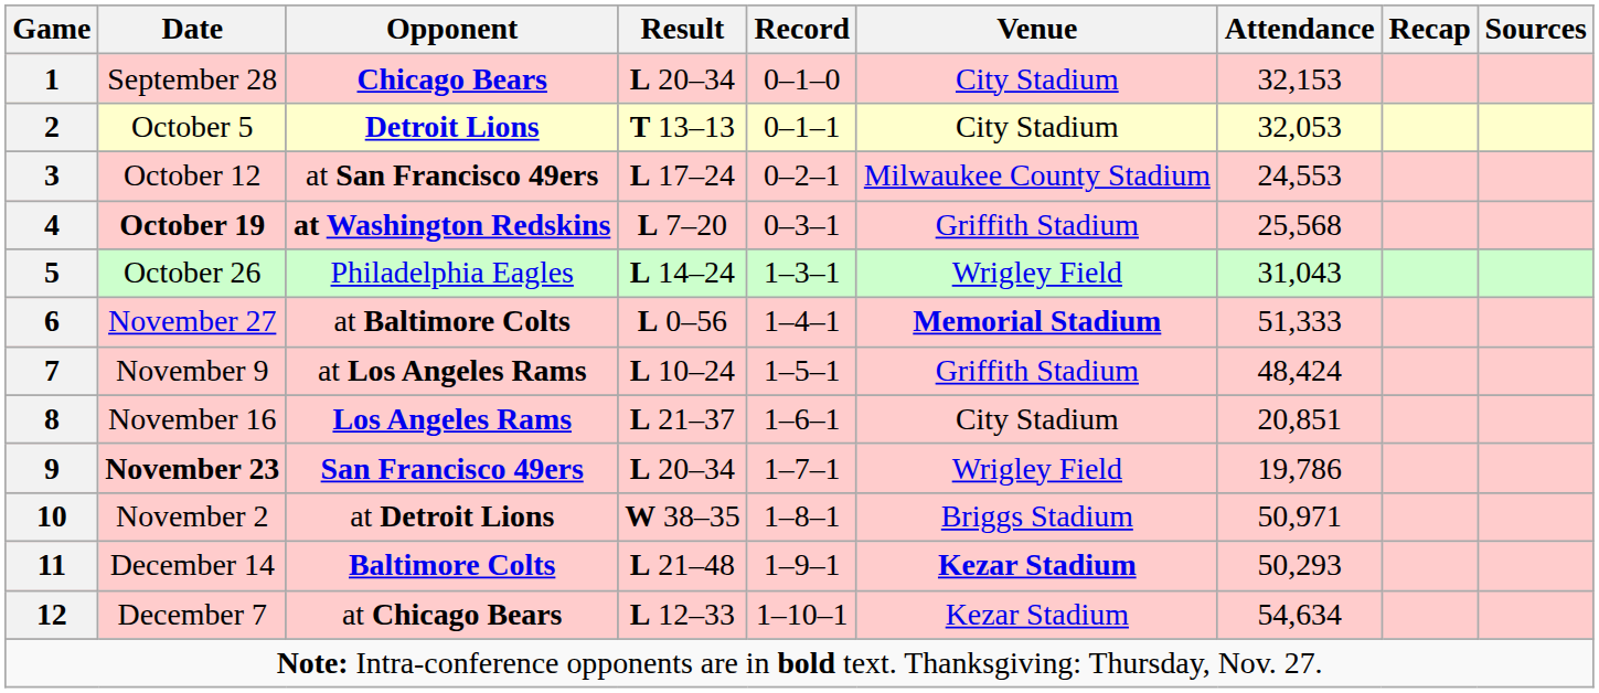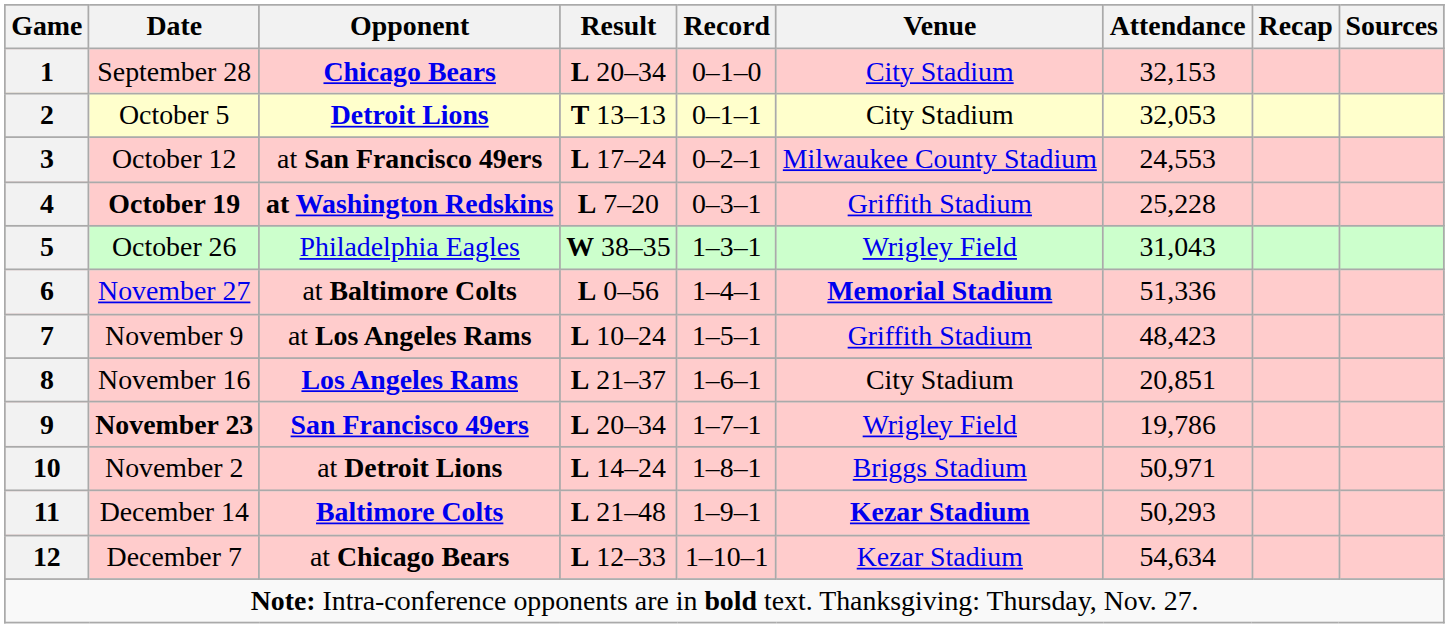 <table class="wikitable" style="text-align:center">
 <tr>
 <th>Game</th>
 <th>Date</th>
 <th>Opponent</th>
 <th>Result</th>
 <th>Record</th>
 <th>Venue</th>
 <th>Attendance</th>
 <th>Recap</th>
 <th>Sources</th>
 </tr>
 <tr style="background:#fcc">
 <th>1</th>
 <td>September 28</td>
 <td><strong><a href='#'>Chicago Bears</a></strong></td>
 <td><strong>L</strong> 20–34</td>
 <td>0–1–0</td>
 <td><a href='#'>City Stadium</a></td>
 <td>32,153</td>
 <td></td>
 <td></td>
 </tr>
 <tr style="background:#ffc">
 <th>2</th>
 <td>October 5</td>
 <td><strong><a href='#'>Detroit Lions</a></strong></td>
 <td><strong>T</strong> 13–13</td>
 <td>0–1–1</td>
 <td>City Stadium</td>
 <td>32,053</td>
 <td></td>
 <td></td>
 </tr>
 <tr style="background:#fcc">
 <th>3</th>
 <td>October 12</td>
 <td>at <strong>San Francisco 49ers</strong></td>
 <td><strong>L</strong> 17–24</td>
 <td>0–2–1</td>
 <td><a href='#'>Milwaukee County Stadium</a></td>
 <td>24,553</td>
 <td></td>
 <td></td>
 </tr>
 <tr style="background:#fcc">
 <th>4</th>
 <td><strong>October 19</strong></td>
 <td><strong>at <a href='#'>Washington Redskins</a></strong></td>
 <td><strong>L</strong> 7–20</td>
 <td>0–3–1</td>
 <td><a href='#'>Griffith Stadium</a></td>
-<td>25,568</td>
+<td>25,228</td>
 <td></td>
 <td></td>
 </tr>
 <tr style="background:#cfc">
 <th>5</th>
 <td>October 26</td>
 <td><a href='#'>Philadelphia Eagles</a></td>
-<td><strong>L</strong> 14–24</td>
+<td><strong>W</strong> 38–35</td>
 <td>1–3–1</td>
 <td><a href='#'>Wrigley Field</a></td>
 <td>31,043</td>
 <td></td>
 <td></td>
 </tr>
 <tr style="background:#fcc">
 <th>6</th>
 <td><a href='#'>November 27</a></td>
 <td>at <strong>Baltimore Colts</strong></td>
 <td><strong>L</strong> 0–56</td>
 <td>1–4–1</td>
 <td><strong><a href='#'>Memorial Stadium</a></strong></td>
-<td>51,333</td>
+<td>51,336</td>
 <td></td>
 <td></td>
 </tr>
 <tr style="background:#fcc">
 <th>7</th>
 <td>November 9</td>
 <td>at <strong>Los Angeles Rams</strong></td>
 <td><strong>L</strong> 10–24</td>
 <td>1–5–1</td>
 <td><a href='#'>Griffith Stadium</a></td>
-<td>48,424</td>
+<td>48,423</td>
 <td></td>
 <td></td>
 </tr>
 <tr style="background:#fcc">
 <th>8</th>
 <td>November 16</td>
 <td><strong><a href='#'>Los Angeles Rams</a></strong></td>
 <td><strong>L</strong> 21–37</td>
 <td>1–6–1</td>
 <td>City Stadium</td>
 <td>20,851</td>
 <td></td>
 <td></td>
 </tr>
 <tr style="background:#fcc">
 <th>9</th>
 <td><strong>November 23</strong></td>
 <td><strong><a href='#'>San Francisco 49ers</a></strong></td>
 <td><strong>L</strong> 20–34</td>
 <td>1–7–1</td>
 <td><a href='#'>Wrigley Field</a></td>
 <td>19,786</td>
 <td></td>
 <td></td>
 </tr>
 <tr style="background:#fcc">
 <th>10</th>
 <td>November 2</td>
 <td>at <strong>Detroit Lions</strong></td>
-<td><strong>W</strong> 38–35</td>
+<td><strong>L</strong> 14–24</td>
 <td>1–8–1</td>
 <td><a href='#'>Briggs Stadium</a></td>
 <td>50,971</td>
 <td></td>
 <td></td>
 </tr>
 <tr style="background:#fcc">
 <th>11</th>
 <td>December 14</td>
 <td><strong><a href='#'>Baltimore Colts</a></strong></td>
 <td><strong>L</strong> 21–48</td>
 <td>1–9–1</td>
 <td><strong><a href='#'>Kezar Stadium</a></strong></td>
 <td>50,293</td>
 <td></td>
 <td></td>
 </tr>
 <tr style="background:#fcc">
 <th>12</th>
 <td>December 7</td>
 <td>at <strong>Chicago Bears</strong></td>
 <td><strong>L</strong> 12–33</td>
 <td>1–10–1</td>
 <td><a href='#'>Kezar Stadium</a></td>
 <td>54,634</td>
 <td></td>
 <td></td>
 </tr>
 <tr>
 <td colspan="10"><strong>Note:</strong> Intra-conference opponents are in <strong>bold</strong> text. Thanksgiving: Thursday, Nov. 27.</td>
 </tr>
 </table>
